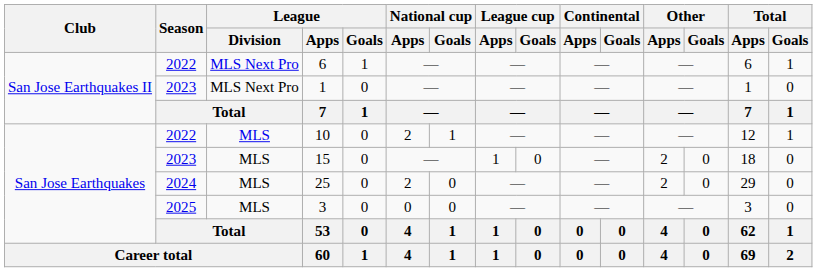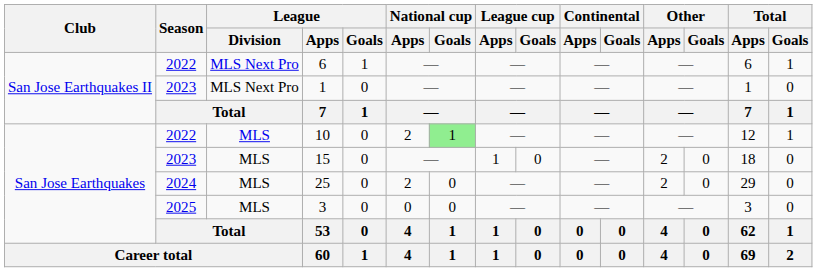 <table class="wikitable" style="text-align:center">
 <tr>
 <th rowspan="2">Club</th>
 <th rowspan="2">Season</th>
 <th colspan="3">League</th>
 <th colspan="2">National cup</th>
 <th colspan="2">League cup</th>
 <th colspan="2">Continental</th>
 <th colspan="2">Other</th>
 <th colspan="2">Total</th>
 </tr>
 <tr>
 <th>Division</th>
 <th>Apps</th>
 <th>Goals</th>
 <th>Apps</th>
 <th>Goals</th>
 <th>Apps</th>
 <th>Goals</th>
 <th>Apps</th>
 <th>Goals</th>
 <th>Apps</th>
 <th>Goals</th>
 <th>Apps</th>
 <th>Goals</th>
 </tr>
 <tr>
 <td rowspan="3"><a href='#'>San Jose Earthquakes II</a></td>
 <td><a href='#'>2022</a></td>
 <td><a href='#'>MLS Next Pro</a></td>
 <td>6</td>
 <td>1</td>
 <td colspan="2">—</td>
 <td colspan="2">—</td>
 <td colspan="2">—</td>
 <td colspan="2">—</td>
 <td>6</td>
 <td>1</td>
 </tr>
 <tr>
 <td><a href='#'>2023</a></td>
 <td>MLS Next Pro</td>
 <td>1</td>
 <td>0</td>
 <td colspan="2">—</td>
 <td colspan="2">—</td>
 <td colspan="2">—</td>
 <td colspan="2">—</td>
 <td>1</td>
 <td>0</td>
 </tr>
 <tr>
 <th colspan="2">Total</th>
 <th>7</th>
 <th>1</th>
 <th colspan="2">—</th>
 <th colspan="2">—</th>
 <th colspan="2">—</th>
 <th colspan="2">—</th>
 <th>7</th>
 <th>1</th>
 </tr>
 <tr>
 <td rowspan="5"><a href='#'>San Jose Earthquakes</a></td>
 <td><a href='#'>2022</a></td>
 <td><a href='#'>MLS</a></td>
 <td>10</td>
 <td>0</td>
 <td>2</td>
-<td>1</td>
+<td style="background: lightgreen;">1</td>
 <td colspan="2">—</td>
 <td colspan="2">—</td>
 <td colspan="2">—</td>
 <td>12</td>
 <td>1</td>
 </tr>
 <tr>
 <td><a href='#'>2023</a></td>
 <td>MLS</td>
 <td>15</td>
 <td>0</td>
 <td colspan="2">—</td>
 <td>1</td>
 <td>0</td>
 <td colspan="2">—</td>
 <td>2</td>
 <td>0</td>
 <td>18</td>
 <td>0</td>
 </tr>
 <tr>
 <td><a href='#'>2024</a></td>
 <td>MLS</td>
 <td>25</td>
 <td>0</td>
 <td>2</td>
 <td>0</td>
 <td colspan="2">—</td>
 <td colspan="2">—</td>
 <td>2</td>
 <td>0</td>
 <td>29</td>
 <td>0</td>
 </tr>
 <tr>
 <td><a href='#'>2025</a></td>
 <td>MLS</td>
 <td>3</td>
 <td>0</td>
 <td>0</td>
 <td>0</td>
 <td colspan="2">—</td>
 <td colspan="2">—</td>
 <td colspan="2">—</td>
 <td>3</td>
 <td>0</td>
 </tr>
 <tr>
 <th colspan="2">Total</th>
 <th>53</th>
 <th>0</th>
 <th>4</th>
 <th>1</th>
 <th>1</th>
 <th>0</th>
 <th>0</th>
 <th>0</th>
 <th>4</th>
 <th>0</th>
 <th>62</th>
 <th>1</th>
 </tr>
 <tr>
 <th colspan="3">Career total</th>
 <th>60</th>
 <th>1</th>
 <th>4</th>
 <th>1</th>
 <th>1</th>
 <th>0</th>
 <th>0</th>
 <th>0</th>
 <th>4</th>
 <th>0</th>
 <th>69</th>
 <th>2</th>
 </tr>
 </table>
